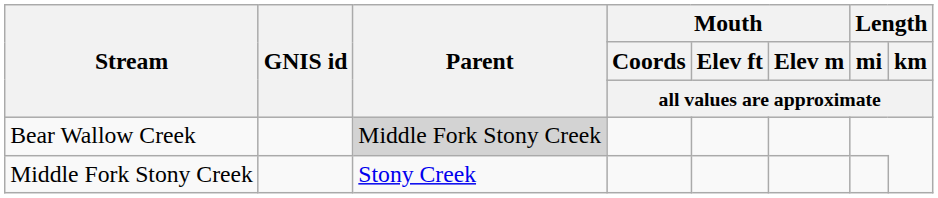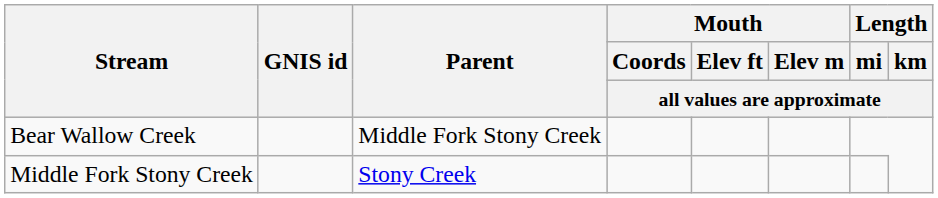 <table class="wikitable sortable">
 <tr>
 <th rowspan=3>Stream</th>
 <th rowspan=3>GNIS id</th>
 <th rowspan=3>Parent</th>
 <th colspan=3>Mouth</th>
 <th colspan=2>Length</th>
 </tr>
 <tr>
 <th>Coords</th>
 <th>Elev ft</th>
 <th>Elev m</th>
 <th>mi</th>
 <th>km</th>
 </tr>
 <tr>
 <th colspan=5><small>all values are approximate</small></th>
 </tr>
 <tr>
 <td> Bear Wallow Creek</td>
 <td></td>
-<td style="background: lightgrey;">Middle Fork Stony Creek</td>
+<td>Middle Fork Stony Creek</td>
 <td></td>
 <td></td>
 <td></td>
 </tr>
 <tr>
 <td> Middle Fork Stony Creek</td>
 <td></td>
 <td><a href='#'>Stony Creek</a></td>
 <td></td>
 <td></td>
 <td></td>
 <td></td>
 </tr>
 </table>
